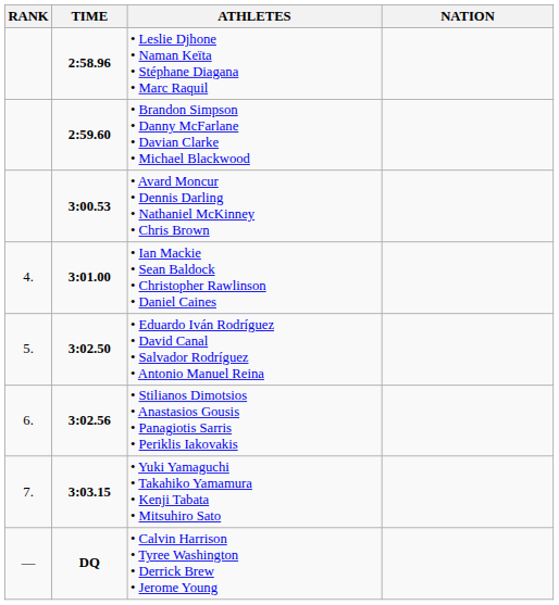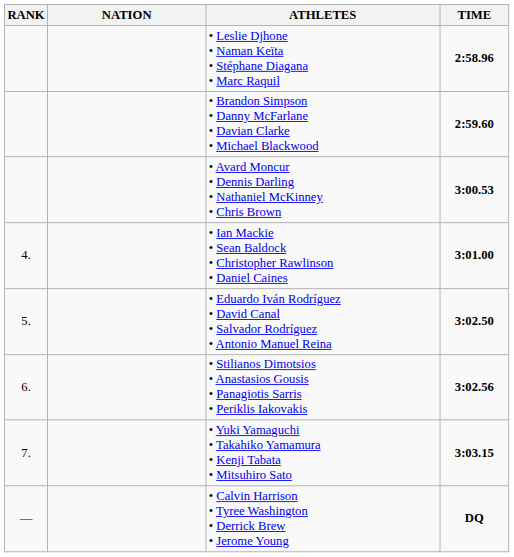 <table class="wikitable" style="border-collapse: collapse; font-size: 90%;">
 <tr>
 <th>RANK</th>
+<th style="width: 12em">NATION</th>
+<th style="width: 18em">ATHLETES</th>
 <th style="width: 5em">TIME</th>
-<th style="width: 18em">ATHLETES</th>
-<th style="width: 12em">NATION</th>
 </tr>
 <tr>
 <td align="center"></td>
+<td align="center"></td>
+<td>• <a href='#'>Leslie Djhone</a><br>• <a href='#'>Naman Keïta</a><br>• <a href='#'>Stéphane Diagana</a><br>• <a href='#'>Marc Raquil</a></td>
 <td align="center"><strong>2:58.96</strong></td>
-<td>• <a href='#'>Leslie Djhone</a><br>• <a href='#'>Naman Keïta</a><br>• <a href='#'>Stéphane Diagana</a><br>• <a href='#'>Marc Raquil</a></td>
-<td align="center"></td>
 </tr>
 <tr>
 <td align="center"></td>
+<td align="center"></td>
+<td>• <a href='#'>Brandon Simpson</a><br>• <a href='#'>Danny McFarlane</a><br>• <a href='#'>Davian Clarke</a><br>• <a href='#'>Michael Blackwood</a></td>
 <td align="center"><strong>2:59.60</strong></td>
-<td>• <a href='#'>Brandon Simpson</a><br>• <a href='#'>Danny McFarlane</a><br>• <a href='#'>Davian Clarke</a><br>• <a href='#'>Michael Blackwood</a></td>
-<td align="center"></td>
 </tr>
 <tr>
 <td align="center"></td>
+<td align="center"></td>
+<td>• <a href='#'>Avard Moncur</a><br>• <a href='#'>Dennis Darling</a><br>• <a href='#'>Nathaniel McKinney</a><br>• <a href='#'>Chris Brown</a></td>
 <td align="center"><strong>3:00.53</strong></td>
-<td>• <a href='#'>Avard Moncur</a><br>• <a href='#'>Dennis Darling</a><br>• <a href='#'>Nathaniel McKinney</a><br>• <a href='#'>Chris Brown</a></td>
-<td align="center"></td>
 </tr>
 <tr>
 <td align="center">4.</td>
+<td align="center"></td>
+<td>• <a href='#'>Ian Mackie</a><br>• <a href='#'>Sean Baldock</a><br>• <a href='#'>Christopher Rawlinson</a><br>• <a href='#'>Daniel Caines</a></td>
 <td align="center"><strong>3:01.00</strong></td>
-<td>• <a href='#'>Ian Mackie</a><br>• <a href='#'>Sean Baldock</a><br>• <a href='#'>Christopher Rawlinson</a><br>• <a href='#'>Daniel Caines</a></td>
-<td align="center"></td>
 </tr>
 <tr>
 <td align="center">5.</td>
+<td align="center"></td>
+<td>• <a href='#'>Eduardo Iván Rodríguez</a><br>• <a href='#'>David Canal</a><br>• <a href='#'>Salvador Rodríguez</a><br>• <a href='#'>Antonio Manuel Reina</a></td>
 <td align="center"><strong>3:02.50</strong></td>
-<td>• <a href='#'>Eduardo Iván Rodríguez</a><br>• <a href='#'>David Canal</a><br>• <a href='#'>Salvador Rodríguez</a><br>• <a href='#'>Antonio Manuel Reina</a></td>
-<td align="center"></td>
 </tr>
 <tr>
 <td align="center">6.</td>
+<td align="center"></td>
+<td>• <a href='#'>Stilianos Dimotsios</a><br>• <a href='#'>Anastasios Gousis</a><br>• <a href='#'>Panagiotis Sarris</a><br>• <a href='#'>Periklis Iakovakis</a></td>
 <td align="center"><strong>3:02.56</strong></td>
-<td>• <a href='#'>Stilianos Dimotsios</a><br>• <a href='#'>Anastasios Gousis</a><br>• <a href='#'>Panagiotis Sarris</a><br>• <a href='#'>Periklis Iakovakis</a></td>
-<td align="center"></td>
 </tr>
 <tr>
 <td align="center">7.</td>
+<td align="center"></td>
+<td>• <a href='#'>Yuki Yamaguchi</a><br>• <a href='#'>Takahiko Yamamura</a><br>• <a href='#'>Kenji Tabata</a><br>• <a href='#'>Mitsuhiro Sato</a></td>
 <td align="center"><strong>3:03.15</strong></td>
-<td>• <a href='#'>Yuki Yamaguchi</a><br>• <a href='#'>Takahiko Yamamura</a><br>• <a href='#'>Kenji Tabata</a><br>• <a href='#'>Mitsuhiro Sato</a></td>
-<td align="center"></td>
 </tr>
 <tr>
 <td align="center">—</td>
+<td align="center"></td>
+<td>• <a href='#'>Calvin Harrison</a><br>• <a href='#'>Tyree Washington</a><br>• <a href='#'>Derrick Brew</a><br>• <a href='#'>Jerome Young</a></td>
 <td align="center"><strong>DQ</strong></td>
-<td>• <a href='#'>Calvin Harrison</a><br>• <a href='#'>Tyree Washington</a><br>• <a href='#'>Derrick Brew</a><br>• <a href='#'>Jerome Young</a></td>
-<td align="center"></td>
 </tr>
 </table>
